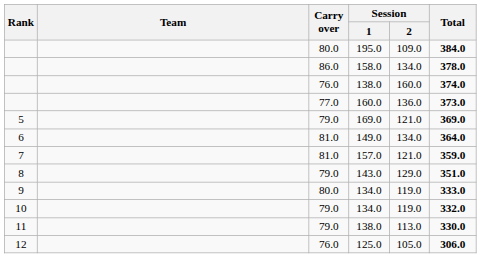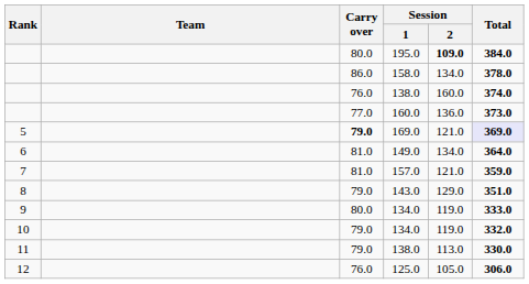 <table class=wikitable style="text-align:center">
 <tr>
 <th rowspan="2" width=40>Rank</th>
 <th rowspan="2" width=380>Team</th>
 <th rowspan=2 width=50>Carry over</th>
 <th colspan=2>Session</th>
 <th rowspan=2 width=60>Total</th>
 </tr>
 <tr>
 <th width=50>1</th>
 <th width=50>2</th>
 </tr>
 <tr>
 <td></td>
 <td align=left></td>
 <td>80.0</td>
 <td>195.0</td>
-<td>109.0</td>
+<td><strong>109.0</strong></td>
 <td><strong>384.0</strong></td>
 </tr>
 <tr>
 <td></td>
 <td align=left></td>
 <td>86.0</td>
 <td>158.0</td>
 <td>134.0</td>
 <td><strong>378.0</strong></td>
 </tr>
 <tr>
 <td></td>
 <td align=left></td>
 <td>76.0</td>
 <td>138.0</td>
 <td>160.0</td>
 <td><strong>374.0</strong></td>
 </tr>
 <tr>
 <td></td>
 <td align=left></td>
 <td>77.0</td>
 <td>160.0</td>
 <td>136.0</td>
 <td><strong>373.0</strong></td>
 </tr>
 <tr>
 <td>5</td>
 <td align=left></td>
-<td>79.0</td>
+<td><strong>79.0</strong></td>
 <td>169.0</td>
 <td>121.0</td>
-<td><strong>369.0</strong></td>
+<td style="background: lavender;"><strong>369.0</strong></td>
 </tr>
 <tr>
 <td>6</td>
 <td align=left></td>
 <td>81.0</td>
 <td>149.0</td>
 <td>134.0</td>
 <td><strong>364.0</strong></td>
 </tr>
 <tr>
 <td>7</td>
 <td align=left></td>
 <td>81.0</td>
 <td>157.0</td>
 <td>121.0</td>
 <td><strong>359.0</strong></td>
 </tr>
 <tr>
 <td>8</td>
 <td align=left></td>
 <td>79.0</td>
 <td>143.0</td>
 <td>129.0</td>
 <td><strong>351.0</strong></td>
 </tr>
 <tr>
 <td>9</td>
 <td align=left></td>
 <td>80.0</td>
 <td>134.0</td>
 <td>119.0</td>
 <td><strong>333.0</strong></td>
 </tr>
 <tr>
 <td>10</td>
 <td align=left></td>
 <td>79.0</td>
 <td>134.0</td>
 <td>119.0</td>
 <td><strong>332.0</strong></td>
 </tr>
 <tr>
 <td>11</td>
 <td align=left></td>
 <td>79.0</td>
 <td>138.0</td>
 <td>113.0</td>
 <td><strong>330.0</strong></td>
 </tr>
 <tr>
 <td>12</td>
 <td align=left></td>
 <td>76.0</td>
 <td>125.0</td>
 <td>105.0</td>
 <td><strong>306.0</strong></td>
 </tr>
 </table>
